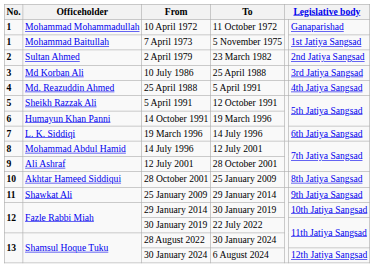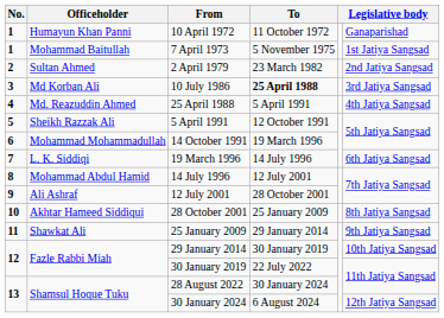 <table class="wikitable">
 <tr>
 <th align=center>No.</th>
 <th align=center>Officeholder</th>
 <th align=center>From</th>
 <th align=center>To</th>
 <th align=center colspan=2><strong><a href='#'>Legislative body</a></strong></th>
 </tr>
 <tr>
 <td><strong>1</strong></td>
-<td><a href='#'>Mohammad Mohammadullah</a></td>
+<td><a href='#'>Humayun Khan Panni</a></td>
 <td>10 April 1972</td>
 <td>11 October 1972</td>
 <td rowspan=2 style="background-color: "></td>
 <td><a href='#'>Ganaparishad</a></td>
 </tr>
 <tr>
 <td><strong>1</strong></td>
 <td><a href='#'>Mohammad Baitullah</a></td>
 <td>7 April 1973</td>
 <td>5 November 1975</td>
 <td><a href='#'>1st Jatiya Sangsad</a></td>
 </tr>
 <tr>
 <td><strong>2</strong></td>
 <td><a href='#'>Sultan Ahmed</a></td>
 <td>2 April 1979</td>
 <td>23 March 1982</td>
 <td rowspan=1 style="background-color: "></td>
 <td><a href='#'>2nd Jatiya Sangsad</a></td>
 </tr>
 <tr>
 <td><strong>3</strong></td>
 <td><a href='#'>Md Korban Ali</a></td>
 <td>10 July 1986</td>
-<td>25 April 1988</td>
+<td><strong>25 April 1988</strong></td>
 <td rowspan=1 style="background-color: "></td>
 <td><a href='#'>3rd Jatiya Sangsad</a></td>
 </tr>
 <tr>
 <td><strong>4</strong></td>
 <td><a href='#'>Md. Reazuddin Ahmed</a></td>
 <td>25 April 1988</td>
 <td>5 April 1991</td>
 <td rowspan=1 style="background-color: "></td>
 <td><a href='#'>4th Jatiya Sangsad</a></td>
 </tr>
 <tr>
 <td><strong>5</strong></td>
 <td><a href='#'>Sheikh Razzak Ali</a></td>
 <td>5 April 1991</td>
 <td>12 October 1991</td>
 <td rowspan=3 style="background-color: "></td>
 <td rowspan="2"><a href='#'>5th Jatiya Sangsad</a></td>
 </tr>
 <tr>
 <td><strong>6</strong></td>
-<td><a href='#'>Humayun Khan Panni</a></td>
+<td><a href='#'>Mohammad Mohammadullah</a></td>
 <td>14 October 1991</td>
 <td>19 March 1996</td>
 </tr>
 <tr>
 <td><strong>7</strong></td>
 <td><a href='#'>L. K. Siddiqi</a></td>
 <td>19 March 1996</td>
 <td>14 July 1996</td>
 <td><a href='#'>6th Jatiya Sangsad</a></td>
 </tr>
 <tr>
 <td><strong>8</strong></td>
 <td><a href='#'>Mohammad Abdul Hamid</a></td>
 <td>14 July 1996</td>
 <td>12 July 2001</td>
 <td rowspan=2 style="background-color: "></td>
 <td rowspan="2"><a href='#'>7th Jatiya Sangsad</a></td>
 </tr>
 <tr>
 <td><strong>9</strong></td>
 <td><a href='#'>Ali Ashraf</a></td>
 <td>12 July 2001</td>
 <td>28 October 2001</td>
 </tr>
 <tr>
 <td><strong>10</strong></td>
 <td><a href='#'>Akhtar Hameed Siddiqui</a></td>
 <td>28 October 2001</td>
 <td>25 January 2009</td>
 <td rowspan=1 style="background-color: "></td>
 <td><a href='#'>8th Jatiya Sangsad</a></td>
 </tr>
 <tr>
 <td><strong>11</strong></td>
 <td><a href='#'>Shawkat Ali</a></td>
 <td>25 January 2009</td>
 <td>29 January 2014</td>
 <td rowspan=5 style="background-color: "></td>
 <td><a href='#'>9th Jatiya Sangsad</a></td>
 </tr>
 <tr>
 <td rowspan="2"><strong>12</strong></td>
 <td rowspan="2"><a href='#'>Fazle Rabbi Miah</a></td>
 <td>29 January 2014</td>
 <td>30 January 2019</td>
 <td><a href='#'>10th Jatiya Sangsad</a></td>
 </tr>
 <tr>
 <td>30 January 2019</td>
 <td>22 July 2022</td>
 <td rowspan="2"><a href='#'>11th Jatiya Sangsad</a></td>
 </tr>
 <tr>
 <td rowspan="2"><strong>13</strong></td>
 <td rowspan="2"><a href='#'>Shamsul Hoque Tuku</a></td>
 <td>28 August 2022</td>
 <td>30 January 2024</td>
 </tr>
 <tr>
 <td>30 January 2024</td>
 <td>6 August 2024</td>
 <td><a href='#'>12th Jatiya Sangsad</a></td>
 </tr>
 </table>
